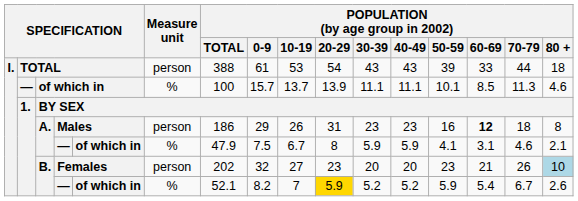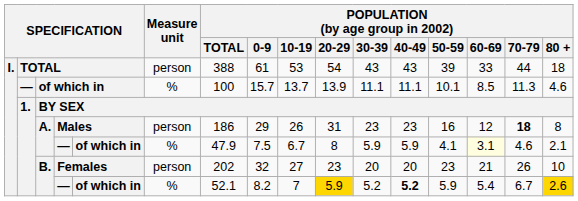 <table class="wikitable" style="font-size:85%; text-align:center">
 <tr>
 <th rowspan="2" colspan="5">SPECIFICATION</th>
 <th rowspan="2">Measure<br> unit</th>
 <th colspan="10" rowspan="1">POPULATION<br> (by age group in 2002)</th>
 </tr>
 <tr>
 <th>TOTAL</th>
 <th>0-9</th>
 <th>10-19</th>
 <th>20-29</th>
 <th>30-39</th>
 <th>40-49</th>
 <th>50-59</th>
 <th>60-69</th>
 <th>70-79</th>
 <th>80 +</th>
 </tr>
 <tr>
 <th style="text-align:left" valign="top" rowspan="7">I.</th>
 <th style="text-align:left" colspan="4">TOTAL</th>
 <td>person</td>
 <td>388</td>
 <td>61</td>
 <td>53</td>
 <td>54</td>
 <td>43</td>
 <td>43</td>
 <td>39</td>
 <td>33</td>
 <td>44</td>
 <td>18</td>
 </tr>
 <tr>
 <th style="text-align:left" valign="top">—</th>
 <th style="text-align:left" colspan="3">of which in</th>
 <td>%</td>
 <td>100</td>
 <td>15.7</td>
 <td>13.7</td>
 <td>13.9</td>
 <td>11.1</td>
 <td>11.1</td>
 <td>10.1</td>
 <td>8.5</td>
 <td>11.3</td>
 <td>4.6</td>
 </tr>
 <tr>
 <th style="text-align:left" valign="top" rowspan="5">1.</th>
 <th style="text-align:left" colspan="14">BY SEX</th>
 </tr>
 <tr>
 <th style="text-align:left" valign="top" rowspan="2">A.</th>
 <th style="text-align:left" colspan="2">Males</th>
 <td>person</td>
 <td>186</td>
 <td>29</td>
 <td>26</td>
 <td>31</td>
 <td>23</td>
 <td>23</td>
 <td>16</td>
-<td><strong>12</strong></td>
-<td>18</td>
+<td>12</td>
+<td><strong>18</strong></td>
 <td>8</td>
 </tr>
 <tr>
 <th style="text-align:left" valign="top">—</th>
 <th style="text-align:left" colspan="1">of which in</th>
 <td>%</td>
 <td>47.9</td>
 <td>7.5</td>
 <td>6.7</td>
 <td>8</td>
 <td>5.9</td>
 <td>5.9</td>
 <td>4.1</td>
-<td>3.1</td>
+<td style="background: lightyellow;">3.1</td>
 <td>4.6</td>
 <td>2.1</td>
 </tr>
 <tr>
 <th style="text-align:left" valign="top" rowspan="2">B.</th>
 <th style="text-align:left" colspan="2">Females</th>
 <td>person</td>
 <td>202</td>
 <td>32</td>
 <td>27</td>
 <td>23</td>
 <td>20</td>
 <td>20</td>
 <td>23</td>
 <td>21</td>
 <td>26</td>
-<td style="background: lightblue;">10</td>
+<td>10</td>
 </tr>
 <tr>
 <th style="text-align:left" valign="top">—</th>
 <th style="text-align:left" colspan="1">of which in</th>
 <td>%</td>
 <td>52.1</td>
 <td>8.2</td>
 <td>7</td>
 <td style="background: gold;">5.9</td>
 <td>5.2</td>
-<td>5.2</td>
+<td><strong>5.2</strong></td>
 <td>5.9</td>
 <td>5.4</td>
 <td>6.7</td>
-<td>2.6</td>
+<td style="background: gold;">2.6</td>
 </tr>
 </table>
